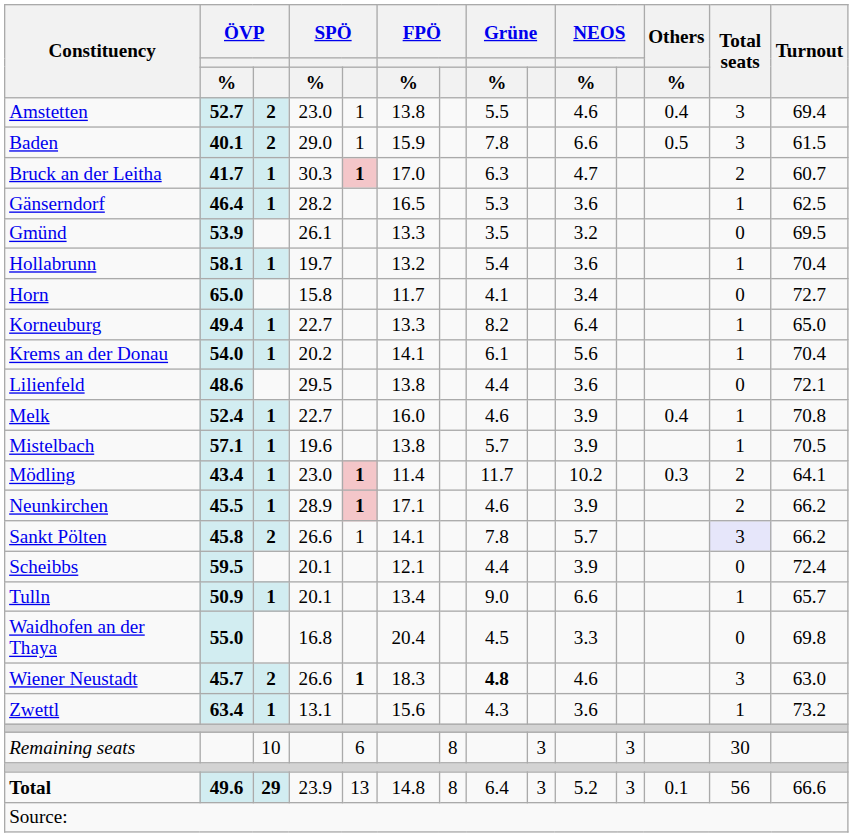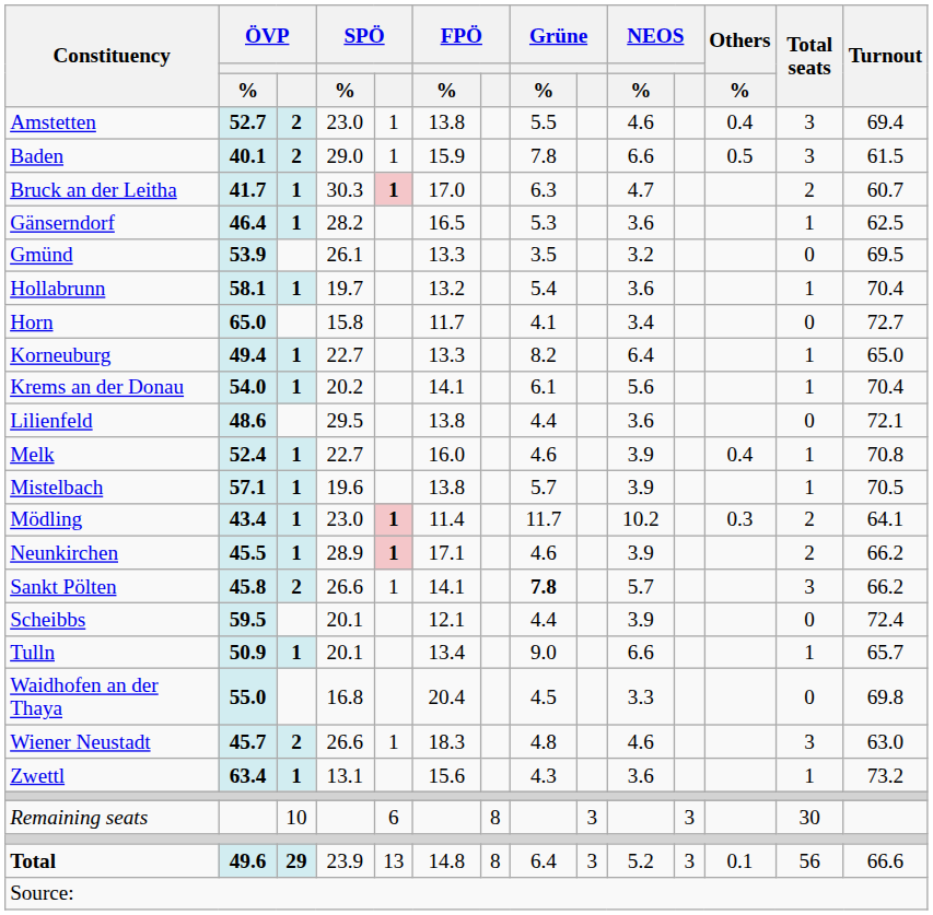 <table class="wikitable" style="text-align:center;font-size:90%;line-height:16px">
 <tr style="height:40px;">
 <th style="width:140px;" rowspan="3">Constituency</th>
 <th style="width:60px;" colspan="2"><a href='#'>ÖVP</a></th>
 <th style="width:60px;" colspan="2"><a href='#'>SPÖ</a></th>
 <th style="width:60px;" colspan="2"><a href='#'>FPÖ</a></th>
 <th style="width:60px;" colspan="2"><a href='#'>Grüne</a></th>
 <th style="width:60px;" colspan="2"><a href='#'>NEOS</a></th>
 <th class="unsortable" style="width:40px;" rowspan="2">Others</th>
 <th class="unsortable" style="width:40px;" rowspan="3">Total<br>seats</th>
 <th class="unsortable" style="width:40px;" rowspan="3">Turnout</th>
 </tr>
 <tr>
 <th colspan="2" style="background:"></th>
 <th colspan="2" style="background:"></th>
 <th colspan="2" style="background:"></th>
 <th colspan="2" style="background:"></th>
 <th colspan="2" style="background:"></th>
 </tr>
 <tr>
 <th class=unsortable>%</th>
 <th class=unsortable></th>
 <th class=unsortable>%</th>
 <th class=unsortable></th>
 <th class=unsortable>%</th>
 <th class=unsortable></th>
 <th class=unsortable>%</th>
 <th class=unsortable></th>
 <th class=unsortable>%</th>
 <th class=unsortable></th>
 <th class=unsortable>%</th>
 </tr>
 <tr>
 <td align=left><a href='#'>Amstetten</a></td>
 <td bgcolor=#D2EDF1><strong>52.7</strong></td>
 <td bgcolor=#D2EDF1><strong>2</strong></td>
 <td>23.0</td>
 <td>1</td>
 <td>13.8</td>
 <td></td>
 <td>5.5</td>
 <td></td>
 <td>4.6</td>
 <td></td>
 <td>0.4</td>
 <td>3</td>
 <td>69.4</td>
 </tr>
 <tr>
 <td align=left><a href='#'>Baden</a></td>
 <td bgcolor=#D2EDF1><strong>40.1</strong></td>
 <td bgcolor=#D2EDF1><strong>2</strong></td>
 <td>29.0</td>
 <td>1</td>
 <td>15.9</td>
 <td></td>
 <td>7.8</td>
 <td></td>
 <td>6.6</td>
 <td></td>
 <td>0.5</td>
 <td>3</td>
 <td>61.5</td>
 </tr>
 <tr>
 <td align=left><a href='#'>Bruck an der Leitha</a></td>
 <td bgcolor=#D2EDF1><strong>41.7</strong></td>
 <td bgcolor=#D2EDF1><strong>1</strong></td>
 <td>30.3</td>
 <td bgcolor=#F4C6C9><strong>1</strong></td>
 <td>17.0</td>
 <td></td>
 <td>6.3</td>
 <td></td>
 <td>4.7</td>
 <td></td>
 <td></td>
 <td>2</td>
 <td>60.7</td>
 </tr>
 <tr>
 <td align=left><a href='#'>Gänserndorf</a></td>
 <td bgcolor=#D2EDF1><strong>46.4</strong></td>
 <td bgcolor=#D2EDF1><strong>1</strong></td>
 <td>28.2</td>
 <td></td>
 <td>16.5</td>
 <td></td>
 <td>5.3</td>
 <td></td>
 <td>3.6</td>
 <td></td>
 <td></td>
 <td>1</td>
 <td>62.5</td>
 </tr>
 <tr>
 <td align=left><a href='#'>Gmünd</a></td>
 <td bgcolor=#D2EDF1><strong>53.9</strong></td>
 <td></td>
 <td>26.1</td>
 <td></td>
 <td>13.3</td>
 <td></td>
 <td>3.5</td>
 <td></td>
 <td>3.2</td>
 <td></td>
 <td></td>
 <td>0</td>
 <td>69.5</td>
 </tr>
 <tr>
 <td align=left><a href='#'>Hollabrunn</a></td>
 <td bgcolor=#D2EDF1><strong>58.1</strong></td>
 <td bgcolor=#D2EDF1><strong>1</strong></td>
 <td>19.7</td>
 <td></td>
 <td>13.2</td>
 <td></td>
 <td>5.4</td>
 <td></td>
 <td>3.6</td>
 <td></td>
 <td></td>
 <td>1</td>
 <td>70.4</td>
 </tr>
 <tr>
 <td align=left><a href='#'>Horn</a></td>
 <td bgcolor=#D2EDF1><strong>65.0</strong></td>
 <td></td>
 <td>15.8</td>
 <td></td>
 <td>11.7</td>
 <td></td>
 <td>4.1</td>
 <td></td>
 <td>3.4</td>
 <td></td>
 <td></td>
 <td>0</td>
 <td>72.7</td>
 </tr>
 <tr>
 <td align=left><a href='#'>Korneuburg</a></td>
 <td bgcolor=#D2EDF1><strong>49.4</strong></td>
 <td bgcolor=#D2EDF1><strong>1</strong></td>
 <td>22.7</td>
 <td></td>
 <td>13.3</td>
 <td></td>
 <td>8.2</td>
 <td></td>
 <td>6.4</td>
 <td></td>
 <td></td>
 <td>1</td>
 <td>65.0</td>
 </tr>
 <tr>
 <td align=left><a href='#'>Krems an der Donau</a></td>
 <td bgcolor=#D2EDF1><strong>54.0</strong></td>
 <td bgcolor=#D2EDF1><strong>1</strong></td>
 <td>20.2</td>
 <td></td>
 <td>14.1</td>
 <td></td>
 <td>6.1</td>
 <td></td>
 <td>5.6</td>
 <td></td>
 <td></td>
 <td>1</td>
 <td>70.4</td>
 </tr>
 <tr>
 <td align=left><a href='#'>Lilienfeld</a></td>
 <td bgcolor=#D2EDF1><strong>48.6</strong></td>
 <td></td>
 <td>29.5</td>
 <td></td>
 <td>13.8</td>
 <td></td>
 <td>4.4</td>
 <td></td>
 <td>3.6</td>
 <td></td>
 <td></td>
 <td>0</td>
 <td>72.1</td>
 </tr>
 <tr>
 <td align=left><a href='#'>Melk</a></td>
 <td bgcolor=#D2EDF1><strong>52.4</strong></td>
 <td bgcolor=#D2EDF1><strong>1</strong></td>
 <td>22.7</td>
 <td></td>
 <td>16.0</td>
 <td></td>
 <td>4.6</td>
 <td></td>
 <td>3.9</td>
 <td></td>
 <td>0.4</td>
 <td>1</td>
 <td>70.8</td>
 </tr>
 <tr>
 <td align=left><a href='#'>Mistelbach</a></td>
 <td bgcolor=#D2EDF1><strong>57.1</strong></td>
 <td bgcolor=#D2EDF1><strong>1</strong></td>
 <td>19.6</td>
 <td></td>
 <td>13.8</td>
 <td></td>
 <td>5.7</td>
 <td></td>
 <td>3.9</td>
 <td></td>
 <td></td>
 <td>1</td>
 <td>70.5</td>
 </tr>
 <tr>
 <td align=left><a href='#'>Mödling</a></td>
 <td bgcolor=#D2EDF1><strong>43.4</strong></td>
 <td bgcolor=#D2EDF1><strong>1</strong></td>
 <td>23.0</td>
 <td bgcolor=#F4C6C9><strong>1</strong></td>
 <td>11.4</td>
 <td></td>
 <td>11.7</td>
 <td></td>
 <td>10.2</td>
 <td></td>
 <td>0.3</td>
 <td>2</td>
 <td>64.1</td>
 </tr>
 <tr>
 <td align=left><a href='#'>Neunkirchen</a></td>
 <td bgcolor=#D2EDF1><strong>45.5</strong></td>
 <td bgcolor=#D2EDF1><strong>1</strong></td>
 <td>28.9</td>
 <td bgcolor=#F4C6C9><strong>1</strong></td>
 <td>17.1</td>
 <td></td>
 <td>4.6</td>
 <td></td>
 <td>3.9</td>
 <td></td>
 <td></td>
 <td>2</td>
 <td>66.2</td>
 </tr>
 <tr>
 <td align=left><a href='#'>Sankt Pölten</a></td>
 <td bgcolor=#D2EDF1><strong>45.8</strong></td>
 <td bgcolor=#D2EDF1><strong>2</strong></td>
 <td>26.6</td>
 <td>1</td>
 <td>14.1</td>
 <td></td>
-<td>7.8</td>
+<td><strong>7.8</strong></td>
 <td></td>
 <td>5.7</td>
 <td></td>
 <td></td>
-<td style="background: lavender;">3</td>
+<td>3</td>
 <td>66.2</td>
 </tr>
 <tr>
 <td align=left><a href='#'>Scheibbs</a></td>
 <td bgcolor=#D2EDF1><strong>59.5</strong></td>
 <td></td>
 <td>20.1</td>
 <td></td>
 <td>12.1</td>
 <td></td>
 <td>4.4</td>
 <td></td>
 <td>3.9</td>
 <td></td>
 <td></td>
 <td>0</td>
 <td>72.4</td>
 </tr>
 <tr>
 <td align=left><a href='#'>Tulln</a></td>
 <td bgcolor=#D2EDF1><strong>50.9</strong></td>
 <td bgcolor=#D2EDF1><strong>1</strong></td>
 <td>20.1</td>
 <td></td>
 <td>13.4</td>
 <td></td>
 <td>9.0</td>
 <td></td>
 <td>6.6</td>
 <td></td>
 <td></td>
 <td>1</td>
 <td>65.7</td>
 </tr>
 <tr>
 <td align=left><a href='#'>Waidhofen an der Thaya</a></td>
 <td bgcolor=#D2EDF1><strong>55.0</strong></td>
 <td></td>
 <td>16.8</td>
 <td></td>
 <td>20.4</td>
 <td></td>
 <td>4.5</td>
 <td></td>
 <td>3.3</td>
 <td></td>
 <td></td>
 <td>0</td>
 <td>69.8</td>
 </tr>
 <tr>
 <td align=left><a href='#'>Wiener Neustadt</a></td>
 <td bgcolor=#D2EDF1><strong>45.7</strong></td>
 <td bgcolor=#D2EDF1><strong>2</strong></td>
 <td>26.6</td>
-<td><strong>1</strong></td>
+<td>1</td>
 <td>18.3</td>
 <td></td>
-<td><strong>4.8</strong></td>
+<td>4.8</td>
 <td></td>
 <td>4.6</td>
 <td></td>
 <td></td>
 <td>3</td>
 <td>63.0</td>
 </tr>
 <tr>
 <td align=left><a href='#'>Zwettl</a></td>
 <td bgcolor=#D2EDF1><strong>63.4</strong></td>
 <td bgcolor=#D2EDF1><strong>1</strong></td>
 <td>13.1</td>
 <td></td>
 <td>15.6</td>
 <td></td>
 <td>4.3</td>
 <td></td>
 <td>3.6</td>
 <td></td>
 <td></td>
 <td>1</td>
 <td>73.2</td>
 </tr>
 <tr>
 <td colspan=14 bgcolor=lightgrey></td>
 </tr>
 <tr>
 <td align=left><em>Remaining seats</em></td>
 <td></td>
 <td>10</td>
 <td></td>
 <td>6</td>
 <td></td>
 <td>8</td>
 <td></td>
 <td>3</td>
 <td></td>
 <td>3</td>
 <td></td>
 <td>30</td>
 <td></td>
 </tr>
 <tr>
 <td colspan=14 bgcolor=lightgrey></td>
 </tr>
 <tr>
 <td align=left><strong>Total</strong></td>
 <td bgcolor=#D2EDF1><strong>49.6</strong></td>
 <td bgcolor=#D2EDF1><strong>29</strong></td>
 <td>23.9</td>
 <td>13</td>
 <td>14.8</td>
 <td>8</td>
 <td>6.4</td>
 <td>3</td>
 <td>5.2</td>
 <td>3</td>
 <td>0.1</td>
 <td>56</td>
 <td>66.6</td>
 </tr>
 <tr class=sortbottom>
 <td colspan=14 align=left>Source: </td>
 </tr>
 </table>
